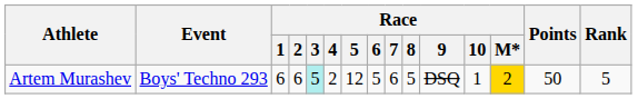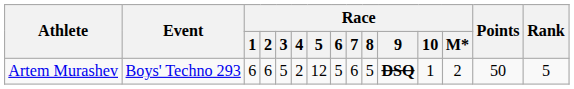 <table class="wikitable" border="1" style="font-size:90%">
 <tr>
 <th rowspan=2>Athlete</th>
 <th rowspan=2>Event</th>
 <th colspan=11>Race</th>
 <th rowspan=2>Points</th>
 <th rowspan=2>Rank</th>
 </tr>
 <tr>
 <th>1</th>
 <th>2</th>
 <th>3</th>
 <th>4</th>
 <th>5</th>
 <th>6</th>
 <th>7</th>
 <th>8</th>
 <th>9</th>
 <th>10</th>
 <th>M*</th>
 </tr>
 <tr>
 <td><a href='#'>Artem Murashev</a></td>
 <td><a href='#'>Boys' Techno 293</a></td>
 <td align=center>6</td>
 <td align=center>6</td>
-<td align=center style="background: paleturquoise;">5</td>
+<td align=center>5</td>
 <td align=center>2</td>
 <td align=center>12</td>
 <td align=center>5</td>
 <td align=center>6</td>
 <td align=center>5</td>
-<td align=center><s>DSQ</s></td>
+<td align=center><strong><s>DSQ</s></strong></td>
 <td align=center>1</td>
-<td align=center style="background: gold;">2</td>
+<td align=center>2</td>
 <td align=center>50</td>
 <td align=center>5</td>
 </tr>
 </table>
